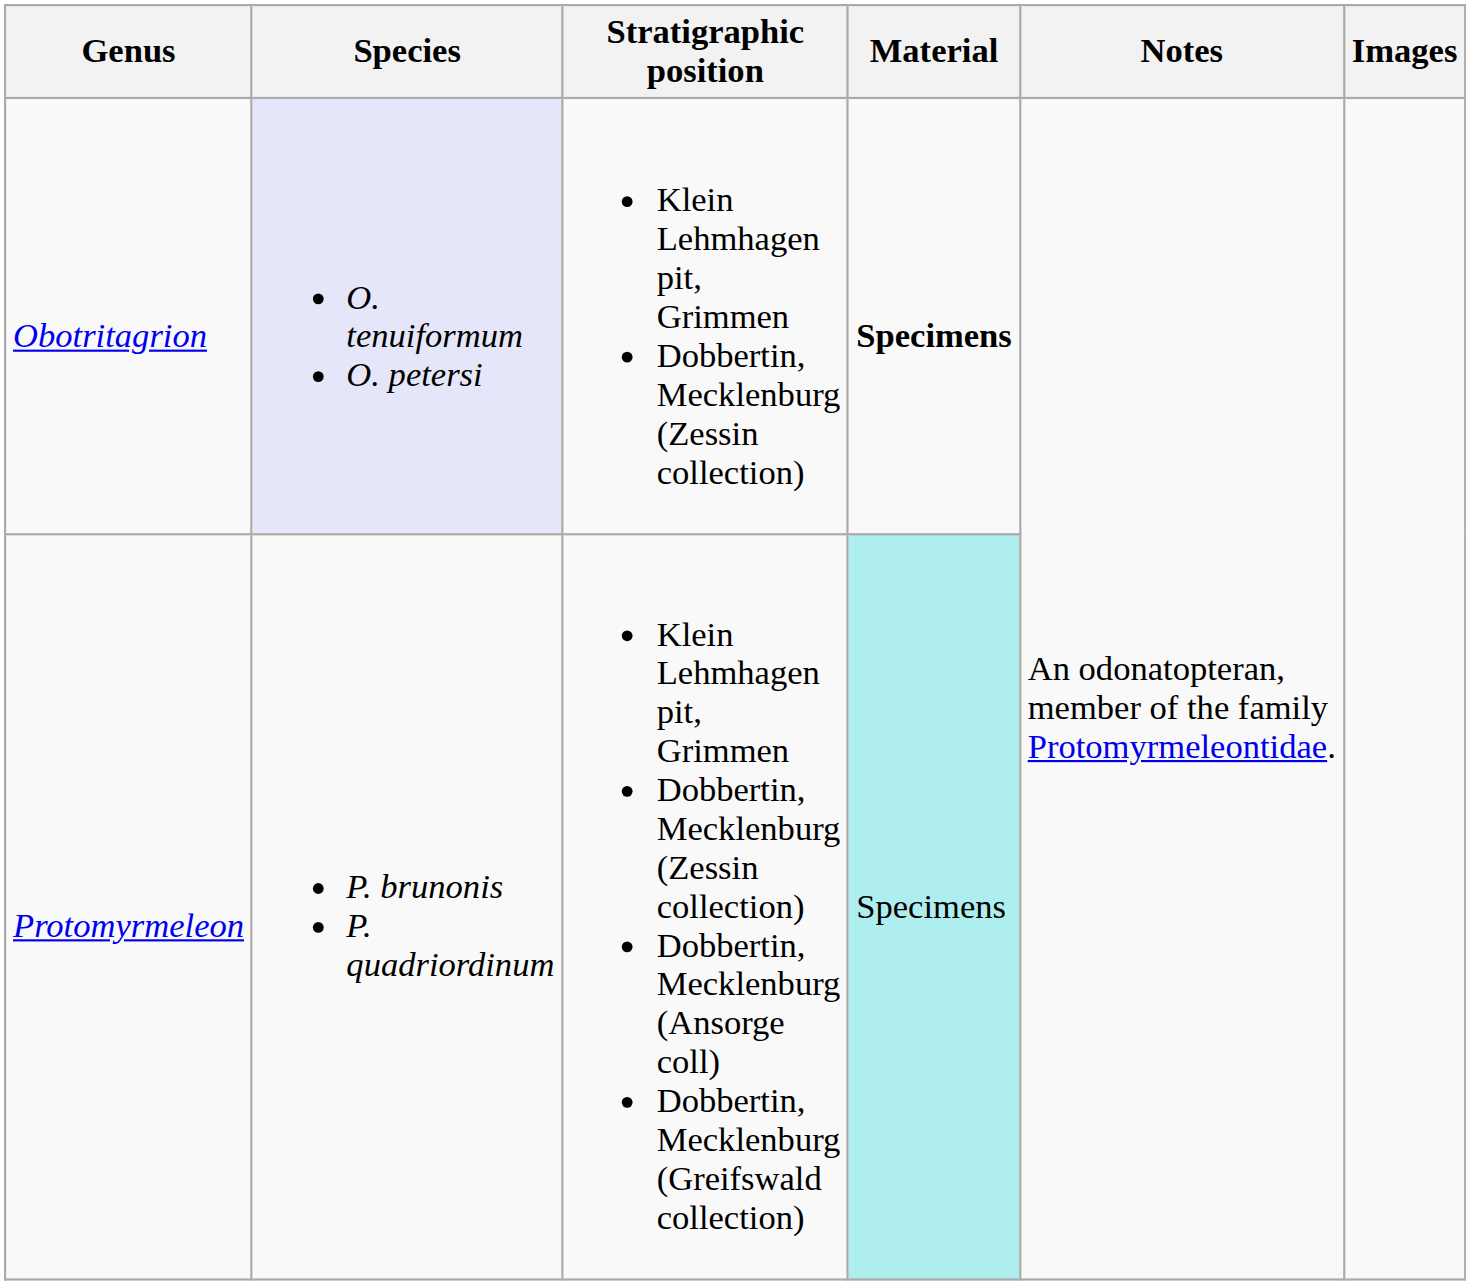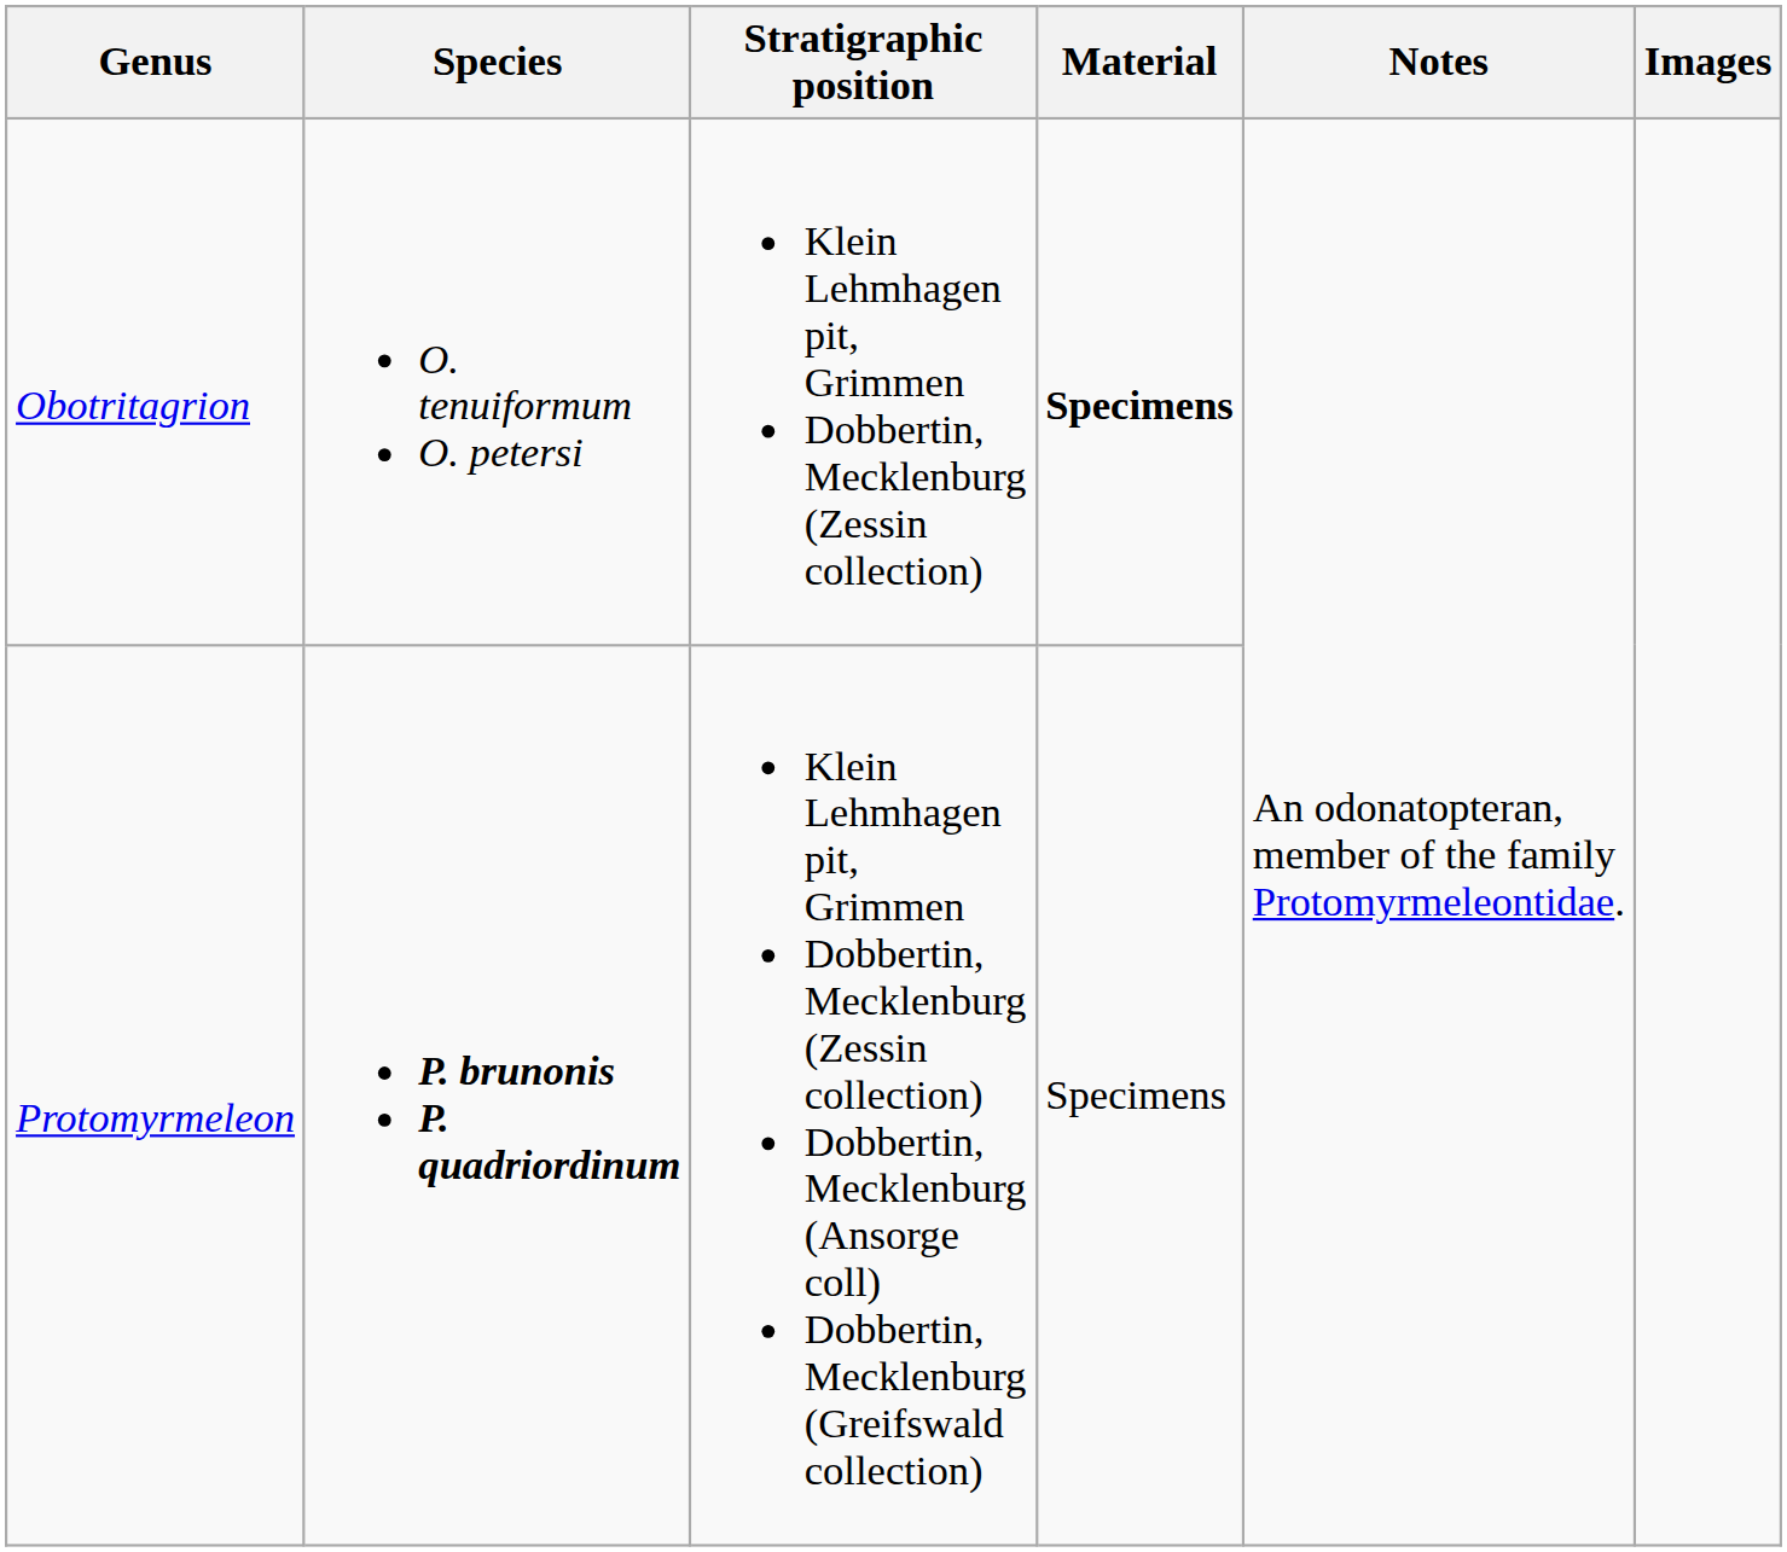 <table class = "wikitable">
 <tr>
 <th>Genus</th>
 <th>Species</th>
 <th>Stratigraphic position</th>
 <th>Material</th>
 <th>Notes</th>
 <th>Images</th>
 </tr>
 <tr>
 <td><br><em><a href='#'>Obotritagrion</a></em></td>
-<td style="background: lavender;"><br><ul><li><em>O. tenuiformum</em></li><li><em>O. petersi</em></li></ul></td>
+<td><br><ul><li><em>O. tenuiformum</em></li><li><em>O. petersi</em></li></ul></td>
 <td><br><ul><li>Klein Lehmhagen pit, Grimmen</li><li>Dobbertin, Mecklenburg (Zessin collection)</li></ul></td>
 <td><strong><br>Specimens</strong></td>
 <td rowspan="2"><br>An odonatopteran, member of the family <a href='#'>Protomyrmeleontidae</a>.</td>
 <td rowspan="2"></td>
 </tr>
 <tr>
 <td><br><em><a href='#'>Protomyrmeleon</a></em></td>
-<td><br><ul><li><em>P. brunonis</em></li><li><em>P. quadriordinum</em></li></ul></td>
+<td><strong><br><ul><li><em>P. brunonis</em></li><li><em>P. quadriordinum</em></li></ul></strong></td>
 <td><br><ul><li>Klein Lehmhagen pit, Grimmen</li><li>Dobbertin, Mecklenburg (Zessin collection)</li><li>Dobbertin, Mecklenburg (Ansorge coll)</li><li>Dobbertin, Mecklenburg (Greifswald collection)</li></ul></td>
-<td style="background: paleturquoise;">Specimens</td>
+<td>Specimens</td>
 </tr>
 </table>
